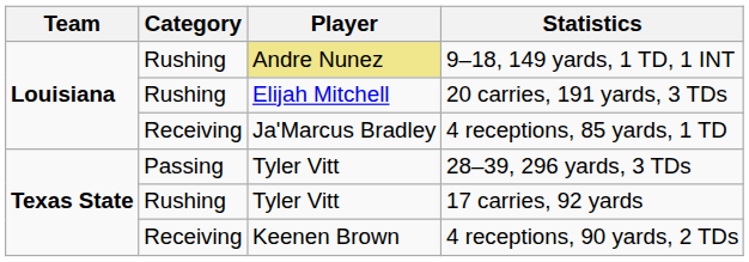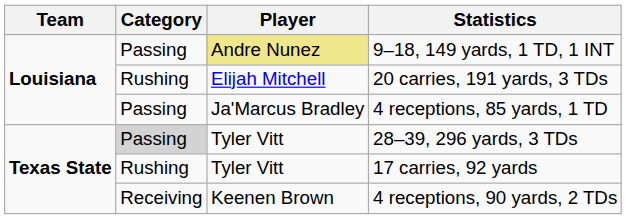 <table class="wikitable" style="float: left;">
 <tr>
 <th>Team</th>
 <th>Category</th>
 <th>Player</th>
 <th>Statistics</th>
 </tr>
 <tr>
 <td rowspan=3><strong>Louisiana</strong></td>
-<td>Rushing</td>
+<td>Passing</td>
 <td style="background: khaki;">Andre Nunez</td>
 <td>9–18, 149 yards, 1 TD, 1 INT</td>
 </tr>
 <tr>
 <td>Rushing</td>
 <td><a href='#'>Elijah Mitchell</a></td>
 <td>20 carries, 191 yards, 3 TDs</td>
 </tr>
 <tr>
-<td>Receiving</td>
+<td>Passing</td>
 <td>Ja'Marcus Bradley</td>
 <td>4 receptions, 85 yards, 1 TD</td>
 </tr>
 <tr>
 <td rowspan=3><strong>Texas State</strong></td>
-<td>Passing</td>
+<td style="background: lightgrey;">Passing</td>
 <td>Tyler Vitt</td>
 <td>28–39, 296 yards, 3 TDs</td>
 </tr>
 <tr>
 <td>Rushing</td>
 <td>Tyler Vitt</td>
 <td>17 carries, 92 yards</td>
 </tr>
 <tr>
 <td>Receiving</td>
 <td>Keenen Brown</td>
 <td>4 receptions, 90 yards, 2 TDs</td>
 </tr>
 </table>
